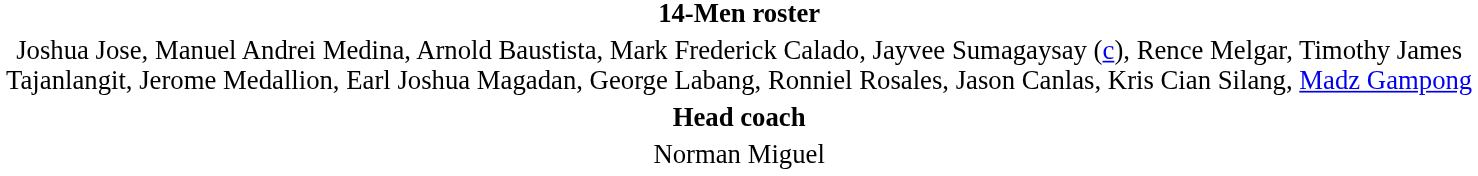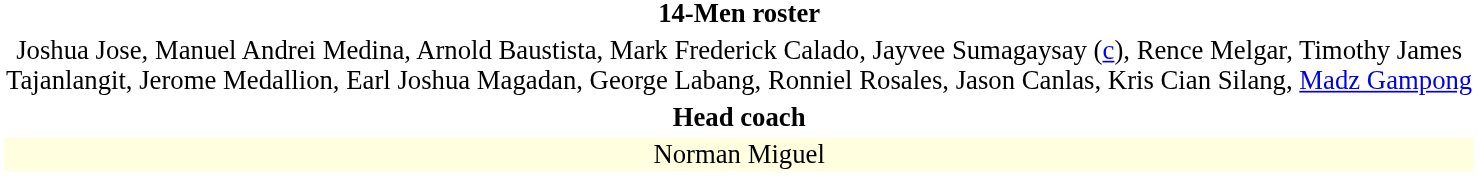 <table style="text-align:center; margin-top:2em; margin-left:auto; margin-right:auto">
 <tr>
 <td><strong>14-Men roster</strong></td>
 </tr>
 <tr>
 <td>Joshua Jose, Manuel Andrei Medina, Arnold Baustista, Mark Frederick Calado, Jayvee Sumagaysay (<a href='#'>c</a>), Rence Melgar, Timothy James Tajanlangit, Jerome Medallion, Earl Joshua Magadan, George Labang, Ronniel Rosales, Jason Canlas, Kris Cian Silang, <a href='#'>Madz Gampong</a></td>
 </tr>
 <tr>
 <td><strong>Head coach</strong></td>
 </tr>
 <tr>
-<td>Norman Miguel</td>
+<td style="background: lightyellow;">Norman Miguel</td>
 </tr>
 </table>
